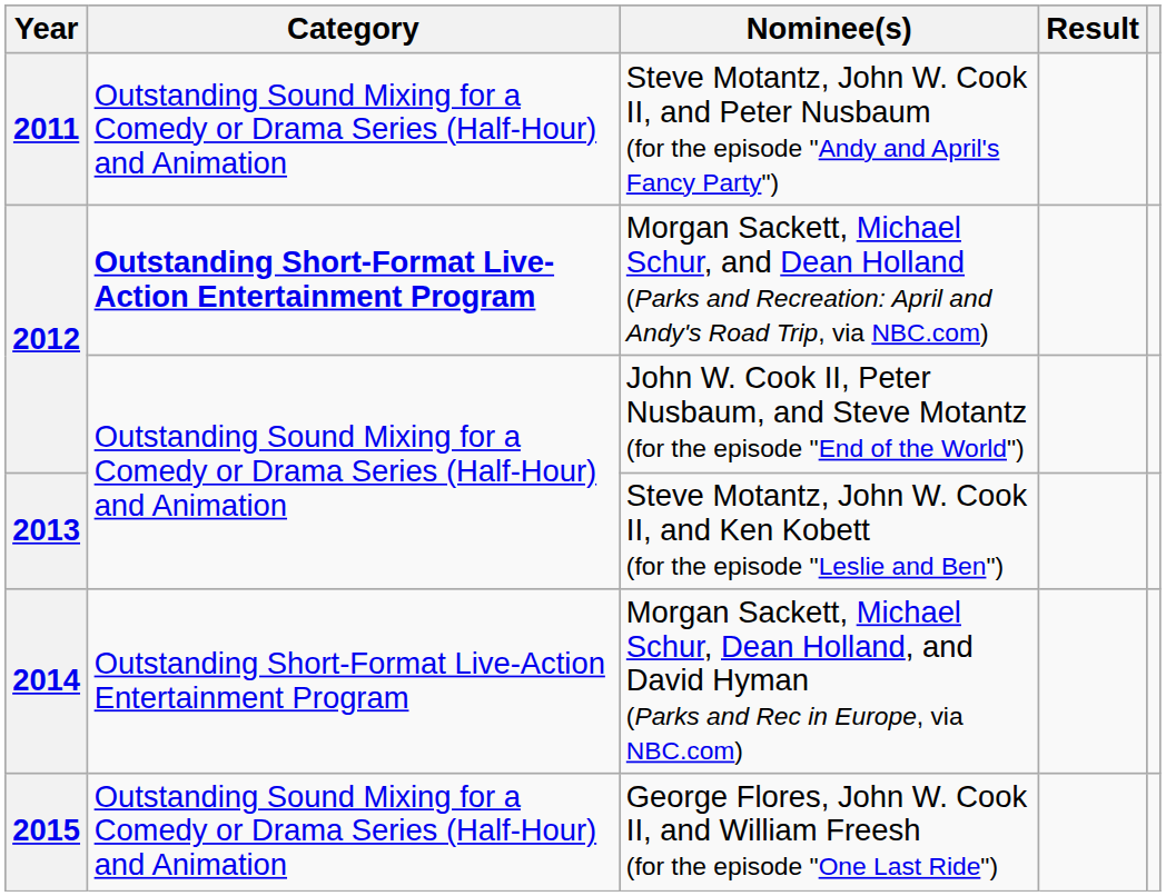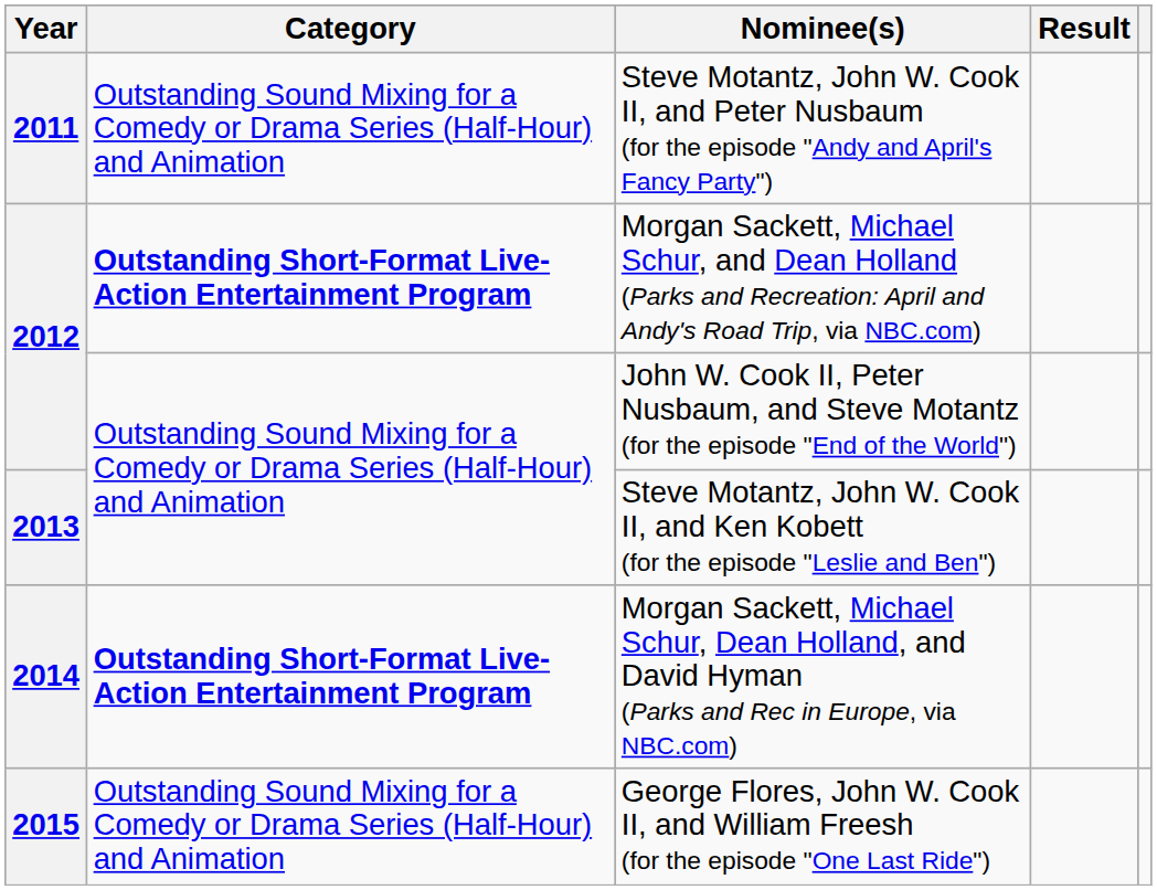 <table class="wikitable plainrowheaders">
 <tr>
 <th scope="col">Year</th>
 <th scope="col">Category</th>
 <th scope="col">Nominee(s)</th>
 <th scope="col">Result</th>
 <th scope="col"></th>
 </tr>
 <tr>
 <th scope="row"><a href='#'>2011</a></th>
 <td><a href='#'>Outstanding Sound Mixing for a Comedy or Drama Series (Half-Hour) and Animation</a></td>
 <td>Steve Motantz, John W. Cook II, and Peter Nusbaum<br><small>(for the episode "<a href='#'>Andy and April's Fancy Party</a>")</small></td>
 <td></td>
 <td style="text-align:center;"></td>
 </tr>
 <tr>
 <th scope="row" rowspan="2"><a href='#'>2012</a></th>
 <td><strong><a href='#'>Outstanding Short-Format Live-Action Entertainment Program</a></strong></td>
 <td>Morgan Sackett, <a href='#'>Michael Schur</a>, and <a href='#'>Dean Holland</a><br><small>(<em>Parks and Recreation: April and Andy's Road Trip</em>, via <a href='#'>NBC.com</a>)</small></td>
 <td></td>
 <td style="text-align:center;"></td>
 </tr>
 <tr>
 <td rowspan="2"><a href='#'>Outstanding Sound Mixing for a Comedy or Drama Series (Half-Hour) and Animation</a></td>
 <td>John W. Cook II, Peter Nusbaum, and Steve Motantz<br><small>(for the episode "<a href='#'>End of the World</a>")</small></td>
 <td></td>
 <td style="text-align:center;"></td>
 </tr>
 <tr>
 <th scope="row"><a href='#'>2013</a></th>
 <td>Steve Motantz, John W. Cook II, and Ken Kobett<br><small>(for the episode "<a href='#'>Leslie and Ben</a>")</small></td>
 <td></td>
 <td style="text-align:center;"></td>
 </tr>
 <tr>
 <th scope="row"><a href='#'>2014</a></th>
-<td><a href='#'>Outstanding Short-Format Live-Action Entertainment Program</a></td>
+<td><strong><a href='#'>Outstanding Short-Format Live-Action Entertainment Program</a></strong></td>
 <td>Morgan Sackett, <a href='#'>Michael Schur</a>, <a href='#'>Dean Holland</a>, and David Hyman<br><small>(<em>Parks and Rec in Europe</em>, via <a href='#'>NBC.com</a>)</small></td>
 <td></td>
 <td style="text-align:center;"></td>
 </tr>
 <tr>
 <th scope="row"><a href='#'>2015</a></th>
 <td><a href='#'>Outstanding Sound Mixing for a Comedy or Drama Series (Half-Hour) and Animation</a></td>
 <td>George Flores, John W. Cook II, and William Freesh<br><small>(for the episode "<a href='#'>One Last Ride</a>")</small></td>
 <td></td>
 <td style="text-align:center;"></td>
 </tr>
 </table>
